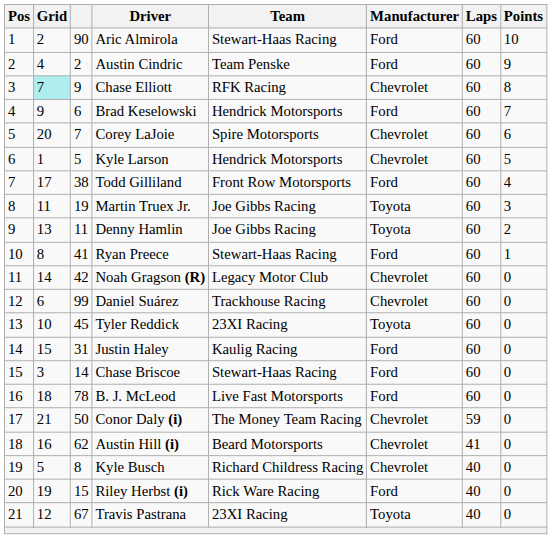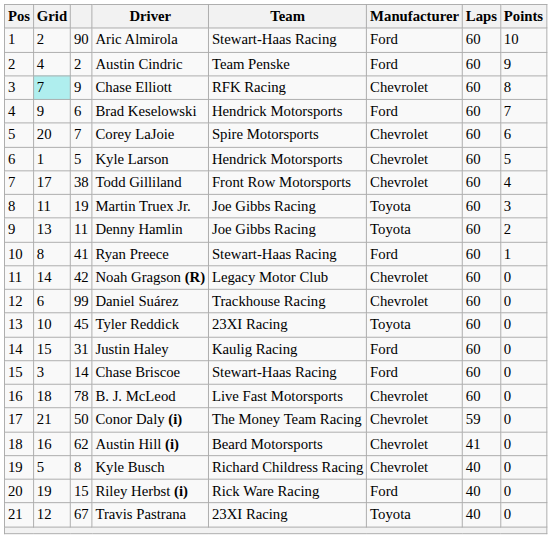 <table class="wikitable" style="font-size:98%">
 <tr>
 <th>Pos</th>
 <th>Grid</th>
 <th></th>
 <th>Driver</th>
 <th>Team</th>
 <th>Manufacturer</th>
 <th>Laps</th>
 <th>Points</th>
 </tr>
 <tr>
 <td>1</td>
 <td>2</td>
 <td>90</td>
 <td>Aric Almirola</td>
 <td>Stewart-Haas Racing</td>
 <td>Ford</td>
 <td>60</td>
 <td>10</td>
 </tr>
 <tr>
 <td>2</td>
 <td>4</td>
 <td>2</td>
 <td>Austin Cindric</td>
 <td>Team Penske</td>
 <td>Ford</td>
 <td>60</td>
 <td>9</td>
 </tr>
 <tr>
 <td>3</td>
 <td style="background: paleturquoise;">7</td>
 <td>9</td>
 <td>Chase Elliott</td>
 <td>RFK Racing</td>
 <td>Chevrolet</td>
 <td>60</td>
 <td>8</td>
 </tr>
 <tr>
 <td>4</td>
 <td>9</td>
 <td>6</td>
 <td>Brad Keselowski</td>
 <td>Hendrick Motorsports</td>
 <td>Ford</td>
 <td>60</td>
 <td>7</td>
 </tr>
 <tr>
 <td>5</td>
 <td>20</td>
 <td>7</td>
 <td>Corey LaJoie</td>
 <td>Spire Motorsports</td>
 <td>Chevrolet</td>
 <td>60</td>
 <td>6</td>
 </tr>
 <tr>
 <td>6</td>
 <td>1</td>
 <td>5</td>
 <td>Kyle Larson</td>
 <td>Hendrick Motorsports</td>
 <td>Chevrolet</td>
 <td>60</td>
 <td>5</td>
 </tr>
 <tr>
 <td>7</td>
 <td>17</td>
 <td>38</td>
 <td>Todd Gilliland</td>
 <td>Front Row Motorsports</td>
-<td>Ford</td>
+<td>Chevrolet</td>
 <td>60</td>
 <td>4</td>
 </tr>
 <tr>
 <td>8</td>
 <td>11</td>
 <td>19</td>
 <td>Martin Truex Jr.</td>
 <td>Joe Gibbs Racing</td>
 <td>Toyota</td>
 <td>60</td>
 <td>3</td>
 </tr>
 <tr>
 <td>9</td>
 <td>13</td>
 <td>11</td>
 <td>Denny Hamlin</td>
 <td>Joe Gibbs Racing</td>
 <td>Toyota</td>
 <td>60</td>
 <td>2</td>
 </tr>
 <tr>
 <td>10</td>
 <td>8</td>
 <td>41</td>
 <td>Ryan Preece</td>
 <td>Stewart-Haas Racing</td>
 <td>Ford</td>
 <td>60</td>
 <td>1</td>
 </tr>
 <tr>
 <td>11</td>
 <td>14</td>
 <td>42</td>
 <td>Noah Gragson <strong>(R)</strong></td>
 <td>Legacy Motor Club</td>
 <td>Chevrolet</td>
 <td>60</td>
 <td>0</td>
 </tr>
 <tr>
 <td>12</td>
 <td>6</td>
 <td>99</td>
 <td>Daniel Suárez</td>
 <td>Trackhouse Racing</td>
 <td>Chevrolet</td>
 <td>60</td>
 <td>0</td>
 </tr>
 <tr>
 <td>13</td>
 <td>10</td>
 <td>45</td>
 <td>Tyler Reddick</td>
 <td>23XI Racing</td>
 <td>Toyota</td>
 <td>60</td>
 <td>0</td>
 </tr>
 <tr>
 <td>14</td>
 <td>15</td>
 <td>31</td>
 <td>Justin Haley</td>
 <td>Kaulig Racing</td>
 <td>Ford</td>
 <td>60</td>
 <td>0</td>
 </tr>
 <tr>
 <td>15</td>
 <td>3</td>
 <td>14</td>
 <td>Chase Briscoe</td>
 <td>Stewart-Haas Racing</td>
 <td>Ford</td>
 <td>60</td>
 <td>0</td>
 </tr>
 <tr>
 <td>16</td>
 <td>18</td>
 <td>78</td>
 <td>B. J. McLeod</td>
 <td>Live Fast Motorsports</td>
-<td>Ford</td>
+<td>Chevrolet</td>
 <td>60</td>
 <td>0</td>
 </tr>
 <tr>
 <td>17</td>
 <td>21</td>
 <td>50</td>
 <td>Conor Daly <strong>(i)</strong></td>
 <td>The Money Team Racing</td>
 <td>Chevrolet</td>
 <td>59</td>
 <td>0</td>
 </tr>
 <tr>
 <td>18</td>
 <td>16</td>
 <td>62</td>
 <td>Austin Hill <strong>(i)</strong></td>
 <td>Beard Motorsports</td>
 <td>Chevrolet</td>
 <td>41</td>
 <td>0</td>
 </tr>
 <tr>
 <td>19</td>
 <td>5</td>
 <td>8</td>
 <td>Kyle Busch</td>
 <td>Richard Childress Racing</td>
 <td>Chevrolet</td>
 <td>40</td>
 <td>0</td>
 </tr>
 <tr>
 <td>20</td>
 <td>19</td>
 <td>15</td>
 <td>Riley Herbst <strong>(i)</strong></td>
 <td>Rick Ware Racing</td>
 <td>Ford</td>
 <td>40</td>
 <td>0</td>
 </tr>
 <tr>
 <td>21</td>
 <td>12</td>
 <td>67</td>
 <td>Travis Pastrana</td>
 <td>23XI Racing</td>
 <td>Toyota</td>
 <td>40</td>
 <td>0</td>
 </tr>
 <tr>
 <th colspan="8"></th>
 </tr>
 </table>
